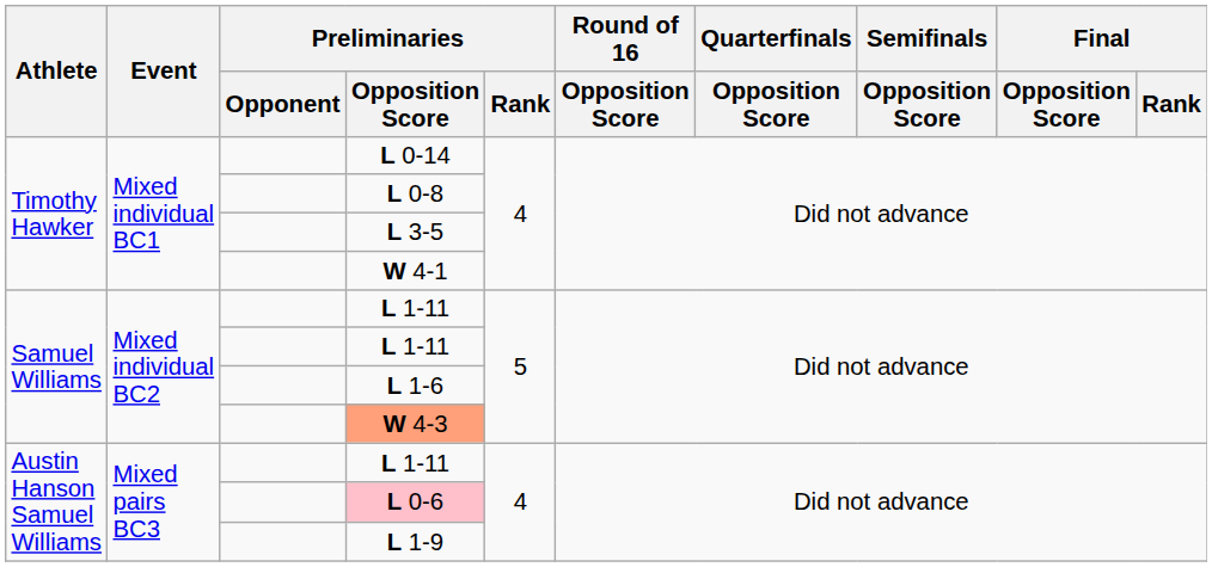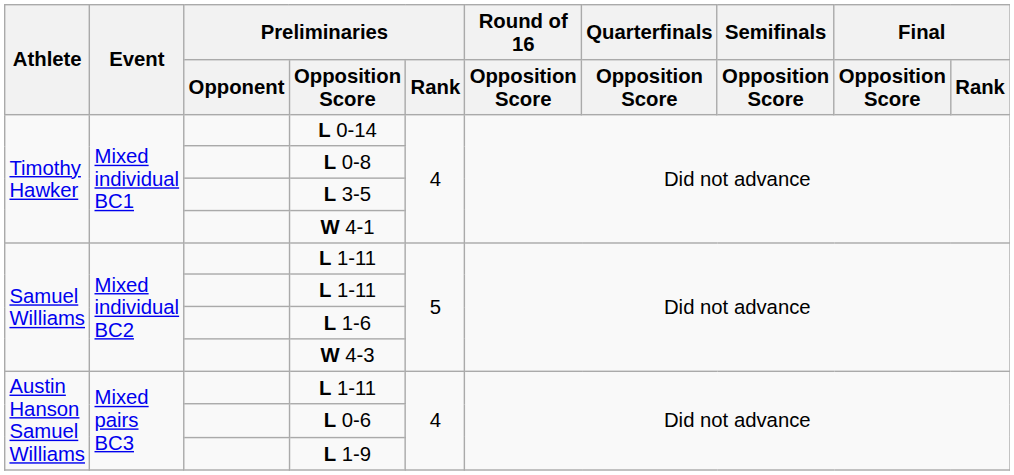 <table class=wikitable style="font-size:90%">
 <tr>
 <th rowspan="2">Athlete</th>
 <th rowspan="2">Event</th>
 <th colspan="3">Preliminaries</th>
 <th>Round of 16</th>
 <th>Quarterfinals</th>
 <th>Semifinals</th>
 <th colspan="3">Final</th>
 </tr>
 <tr>
 <th>Opponent</th>
 <th>Opposition<br>Score</th>
 <th>Rank</th>
 <th>Opposition<br>Score</th>
 <th>Opposition<br>Score</th>
 <th>Opposition<br>Score</th>
 <th>Opposition<br>Score</th>
 <th>Rank</th>
 </tr>
 <tr>
 <td rowspan="4"><a href='#'>Timothy Hawker</a></td>
 <td rowspan="4"><a href='#'>Mixed individual BC1</a></td>
 <td align="left"></td>
 <td align="center"><strong>L</strong> 0-14</td>
 <td rowspan="4" align="center">4</td>
 <td align="center" rowspan="4" colspan="7">Did not advance</td>
 </tr>
 <tr>
 <td align="left"></td>
 <td align="center"><strong>L</strong> 0-8</td>
 </tr>
 <tr>
 <td align="left"></td>
 <td align="center"><strong>L</strong> 3-5</td>
 </tr>
 <tr>
 <td align="left"></td>
 <td align="center"><strong>W</strong> 4-1</td>
 </tr>
 <tr>
 <td rowspan="4"><a href='#'>Samuel Williams</a></td>
 <td rowspan="4"><a href='#'>Mixed individual BC2</a></td>
 <td align="left"></td>
 <td align="center"><strong>L</strong> 1-11</td>
 <td rowspan="4" align="center">5</td>
 <td align="center" rowspan="4" colspan="7">Did not advance</td>
 </tr>
 <tr>
 <td align="left"></td>
 <td align="center"><strong>L</strong> 1-11</td>
 </tr>
 <tr>
 <td align="left"></td>
 <td align="center"><strong>L</strong> 1-6</td>
 </tr>
 <tr>
 <td align="left"></td>
-<td align="center" style="background: lightsalmon;"><strong>W</strong> 4-3</td>
+<td align="center"><strong>W</strong> 4-3</td>
 </tr>
 <tr>
 <td rowspan="3"><a href='#'>Austin Hanson</a><br> <a href='#'>Samuel Williams</a></td>
 <td rowspan="3"><a href='#'>Mixed pairs BC3</a></td>
 <td align="left"><br> </td>
 <td align="center"><strong>L</strong> 1-11</td>
 <td rowspan="3" align="center">4</td>
 <td align="center" rowspan="3" colspan="7">Did not advance</td>
 </tr>
 <tr>
 <td align="left"><br> </td>
-<td align="center" style="background: pink;"><strong>L</strong> 0-6</td>
+<td align="center"><strong>L</strong> 0-6</td>
 </tr>
 <tr>
 <td align="left"><br> </td>
 <td align="center"><strong>L</strong> 1-9</td>
 </tr>
 </table>
